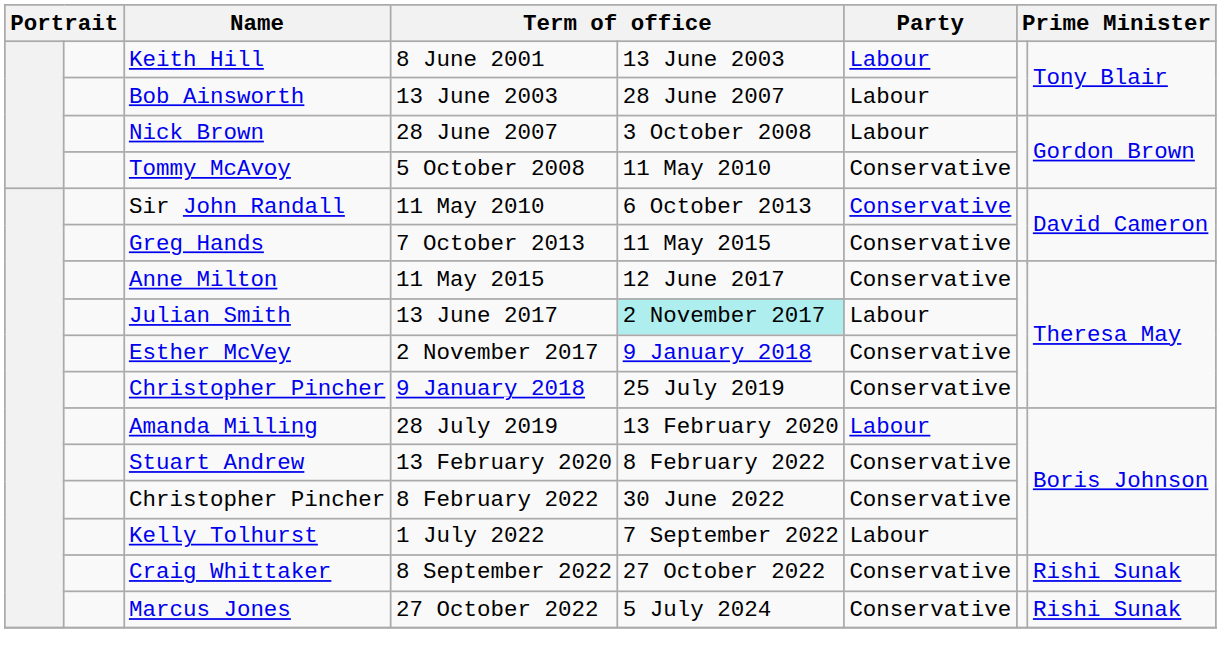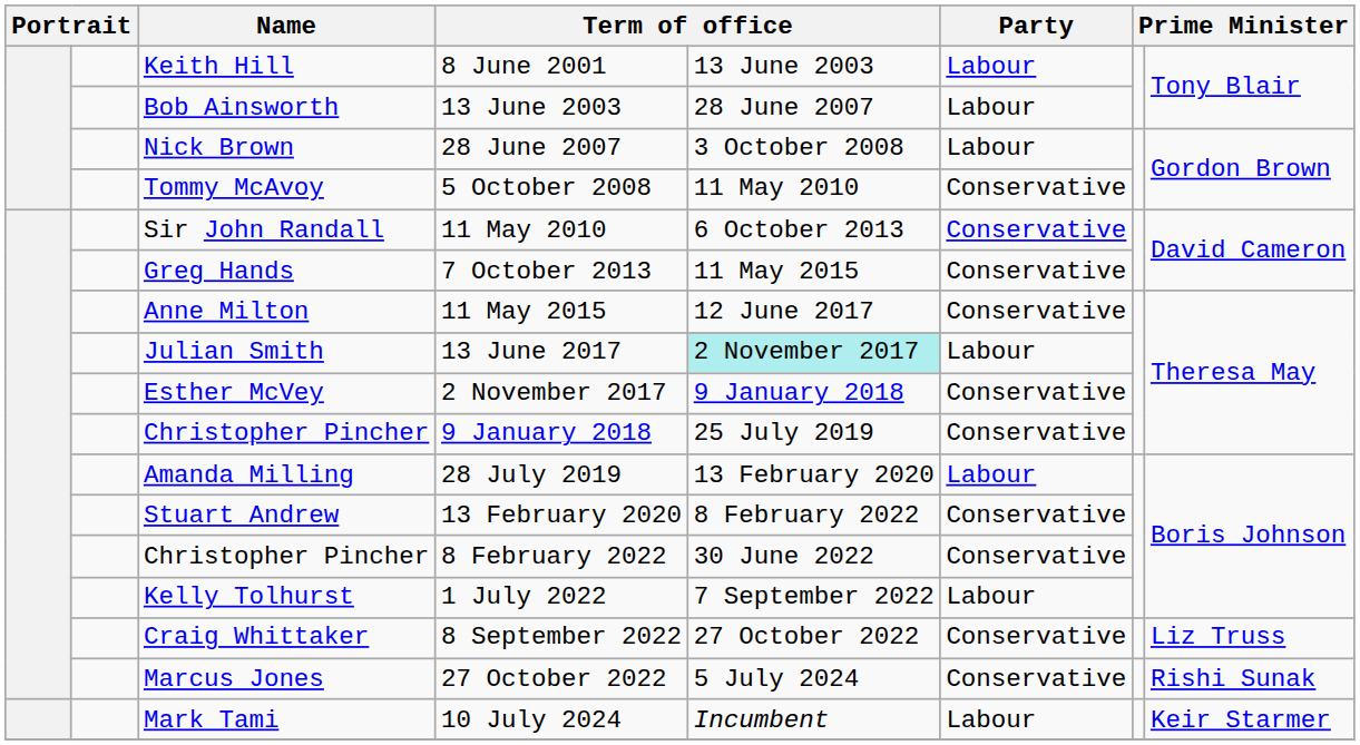 <table class="wikitable">
 <tr>
 <th colspan=2>Portrait</th>
 <th>Name</th>
 <th colspan=2>Term of office</th>
 <th>Party</th>
 <th colspan=2>Prime Minister</th>
 </tr>
 <tr>
 <th rowspan=4 style="background-color: "></th>
 <td></td>
 <td><a href='#'>Keith Hill</a></td>
 <td>8 June 2001</td>
 <td>13 June 2003</td>
 <td><a href='#'>Labour</a></td>
 <td rowspan=2 style="background-color: "></td>
 <td rowspan=2><a href='#'>Tony Blair</a></td>
 </tr>
 <tr>
 <td></td>
 <td><a href='#'>Bob Ainsworth</a></td>
 <td>13 June 2003</td>
 <td>28 June 2007</td>
 <td>Labour</td>
 </tr>
 <tr>
 <td></td>
 <td><a href='#'>Nick Brown</a></td>
 <td>28 June 2007</td>
 <td>3 October 2008</td>
 <td>Labour</td>
 <td rowspan=2 style="background-color: "></td>
 <td rowspan=2><a href='#'>Gordon Brown</a></td>
 </tr>
 <tr>
 <td></td>
 <td><a href='#'>Tommy McAvoy</a></td>
 <td>5 October 2008</td>
 <td>11 May 2010</td>
 <td>Conservative</td>
 </tr>
 <tr>
 <th rowspan=13 style="background-color: "></th>
 <td></td>
 <td>Sir <a href='#'>John Randall</a></td>
 <td>11 May 2010</td>
 <td>6 October 2013</td>
 <td><a href='#'>Conservative</a></td>
 <td rowspan="3" style="background-color: "></td>
 <td rowspan=3><a href='#'>David Cameron</a></td>
 </tr>
 <tr>
 <td></td>
 <td><a href='#'>Greg Hands</a></td>
 <td>7 October 2013</td>
 <td>11 May 2015</td>
 <td>Conservative</td>
 </tr>
 <tr>
 <td rowspan="2"></td>
 <td rowspan="2"><a href='#'>Anne Milton</a></td>
 <td rowspan="2">11 May 2015</td>
 <td rowspan="2">12 June 2017</td>
 <td rowspan="2">Conservative</td>
 </tr>
 <tr>
 <td rowspan=4 style="background-color: "></td>
 <td rowspan=4><a href='#'>Theresa May</a></td>
 </tr>
 <tr>
 <td></td>
 <td><a href='#'>Julian Smith</a></td>
 <td>13 June 2017</td>
 <td style="background: paleturquoise;">2 November 2017</td>
 <td>Labour</td>
 </tr>
 <tr>
 <td></td>
 <td><a href='#'>Esther McVey</a></td>
 <td>2 November 2017</td>
 <td><a href='#'>9 January 2018</a></td>
 <td>Conservative</td>
 </tr>
 <tr>
 <td></td>
 <td><a href='#'>Christopher Pincher</a></td>
 <td><a href='#'>9 January 2018</a></td>
 <td>25 July 2019</td>
 <td>Conservative</td>
 </tr>
 <tr>
 <td></td>
 <td><a href='#'>Amanda Milling</a></td>
 <td>28 July 2019</td>
 <td>13 February 2020</td>
 <td><a href='#'>Labour</a></td>
 <td rowspan=4 style="background-color: "></td>
 <td rowspan=4><a href='#'>Boris Johnson</a></td>
 </tr>
 <tr>
 <td></td>
 <td><a href='#'>Stuart Andrew</a></td>
 <td>13 February 2020</td>
 <td>8 February 2022</td>
 <td>Conservative</td>
 </tr>
 <tr>
 <td></td>
 <td>Christopher Pincher</td>
 <td>8 February 2022</td>
 <td>30 June 2022</td>
 <td>Conservative</td>
 </tr>
 <tr>
 <td></td>
 <td><a href='#'>Kelly Tolhurst</a></td>
 <td>1 July 2022</td>
 <td>7 September 2022</td>
 <td>Labour</td>
 </tr>
 <tr>
 <td></td>
 <td><a href='#'>Craig Whittaker</a></td>
 <td>8 September 2022</td>
 <td>27 October 2022</td>
 <td>Conservative</td>
 <td rowspan=1 style="background-color: "></td>
-<td><a href='#'>Rishi Sunak</a></td>
+<td><a href='#'>Liz Truss</a></td>
 </tr>
 <tr>
 <td></td>
 <td><a href='#'>Marcus Jones</a></td>
 <td>27 October 2022</td>
 <td>5 July 2024</td>
 <td>Conservative</td>
 <td rowspan=1 style="background-color: "></td>
 <td><a href='#'>Rishi Sunak</a></td>
 </tr>
 <tr>
+<th rowspan=1 style="background-color: "></th>
+<td></td>
+<td><a href='#'>Mark Tami</a></td>
+<td>10 July 2024</td>
+<td><em>Incumbent</em></td>
+<td>Labour</td>
+<td rowspan=1 style="background-color: "></td>
+<td><a href='#'>Keir Starmer</a></td>
+</tr>
+<tr>
 </tr>
 </table>
